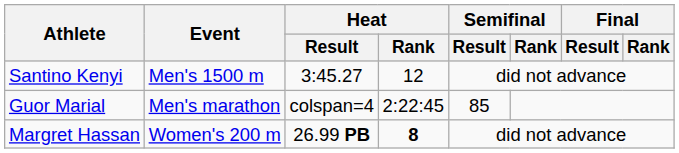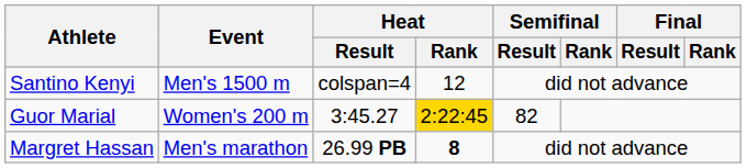 <table class="wikitable" style="font-size:90%">
 <tr>
 <th rowspan="2">Athlete</th>
 <th rowspan="2">Event</th>
 <th colspan="2">Heat</th>
 <th colspan="2">Semifinal</th>
 <th colspan="2">Final</th>
 </tr>
 <tr style="font-size:95%">
 <th>Result</th>
 <th>Rank</th>
 <th>Result</th>
 <th>Rank</th>
 <th>Result</th>
 <th>Rank</th>
 </tr>
 <tr align=center>
 <td align=left><a href='#'>Santino Kenyi</a></td>
 <td align=left><a href='#'>Men's 1500 m</a></td>
-<td>3:45.27</td>
+<td>colspan=4 </td>
 <td>12</td>
 <td colspan=4>did not advance</td>
 </tr>
 <tr align=center>
 <td align=left><a href='#'>Guor Marial</a></td>
-<td align=left><a href='#'>Men's marathon</a></td>
-<td>colspan=4 </td>
-<td>2:22:45</td>
-<td>85</td>
+<td align=left><a href='#'>Women's 200 m</a></td>
+<td>3:45.27</td>
+<td style="background: gold;">2:22:45</td>
+<td>82</td>
 </tr>
 <tr align=center>
 <td align=left><a href='#'>Margret Hassan</a></td>
-<td align=left><a href='#'>Women's 200 m</a></td>
+<td align=left><a href='#'>Men's marathon</a></td>
 <td>26.99 <strong>PB</strong></td>
 <td><strong>8</strong></td>
 <td colspan=4>did not advance</td>
 </tr>
 </table>
